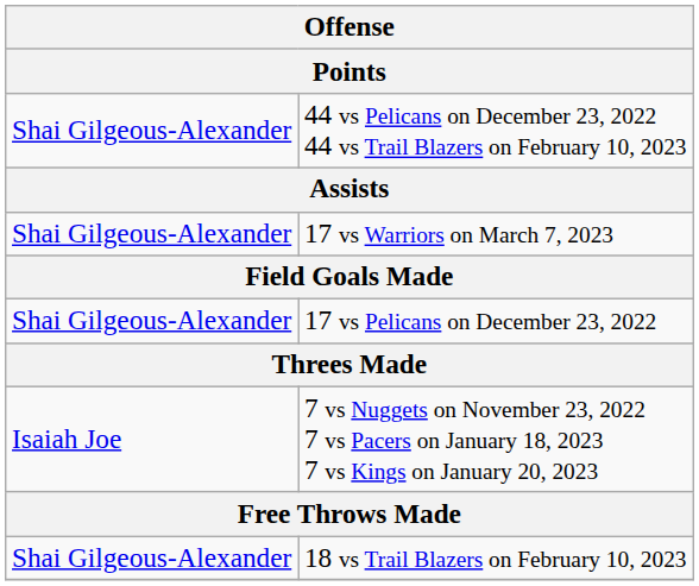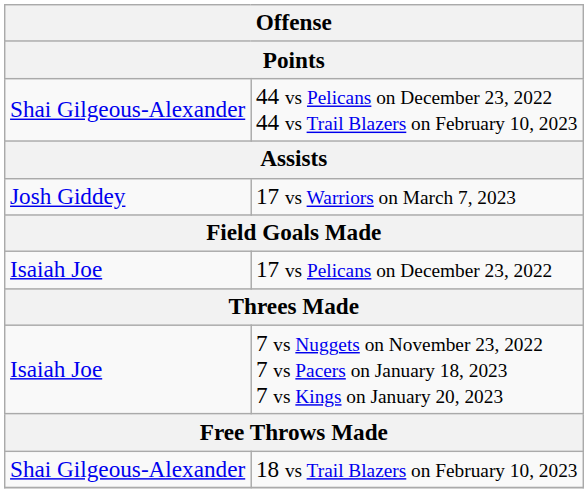 <table class="wikitable plainrowheaders">
 <tr>
 <th colspan="6">Offense</th>
 </tr>
 <tr>
 <th colspan="6">Points</th>
 </tr>
 <tr>
 <td><a href='#'>Shai Gilgeous-Alexander</a></td>
 <td>44 <small>vs <a href='#'>Pelicans</a> on December 23, 2022</small><br>44 <small>vs <a href='#'>Trail Blazers</a> on February 10, 2023</small></td>
 </tr>
 <tr>
 <th colspan="6">Assists</th>
 </tr>
 <tr>
-<td><a href='#'>Shai Gilgeous-Alexander</a></td>
+<td><a href='#'>Josh Giddey</a></td>
 <td>17 <small>vs <a href='#'>Warriors</a> on March 7, 2023</small></td>
 </tr>
 <tr>
 <th colspan="6">Field Goals Made</th>
 </tr>
 <tr>
-<td><a href='#'>Shai Gilgeous-Alexander</a></td>
+<td><a href='#'>Isaiah Joe</a></td>
 <td>17 <small>vs <a href='#'>Pelicans</a> on December 23, 2022</small></td>
 </tr>
 <tr>
 <th colspan="6">Threes Made</th>
 </tr>
 <tr>
 <td><a href='#'>Isaiah Joe</a></td>
 <td>7 <small>vs <a href='#'>Nuggets</a> on November 23, 2022</small><br>7 <small>vs <a href='#'>Pacers</a> on January 18, 2023</small><br>7 <small>vs <a href='#'>Kings</a> on January 20, 2023</small></td>
 </tr>
 <tr>
 <th colspan="6">Free Throws Made</th>
 </tr>
 <tr>
 <td><a href='#'>Shai Gilgeous-Alexander</a></td>
 <td>18 <small>vs <a href='#'>Trail Blazers</a> on February 10, 2023</small></td>
 </tr>
 <tr>
 </tr>
 </table>
